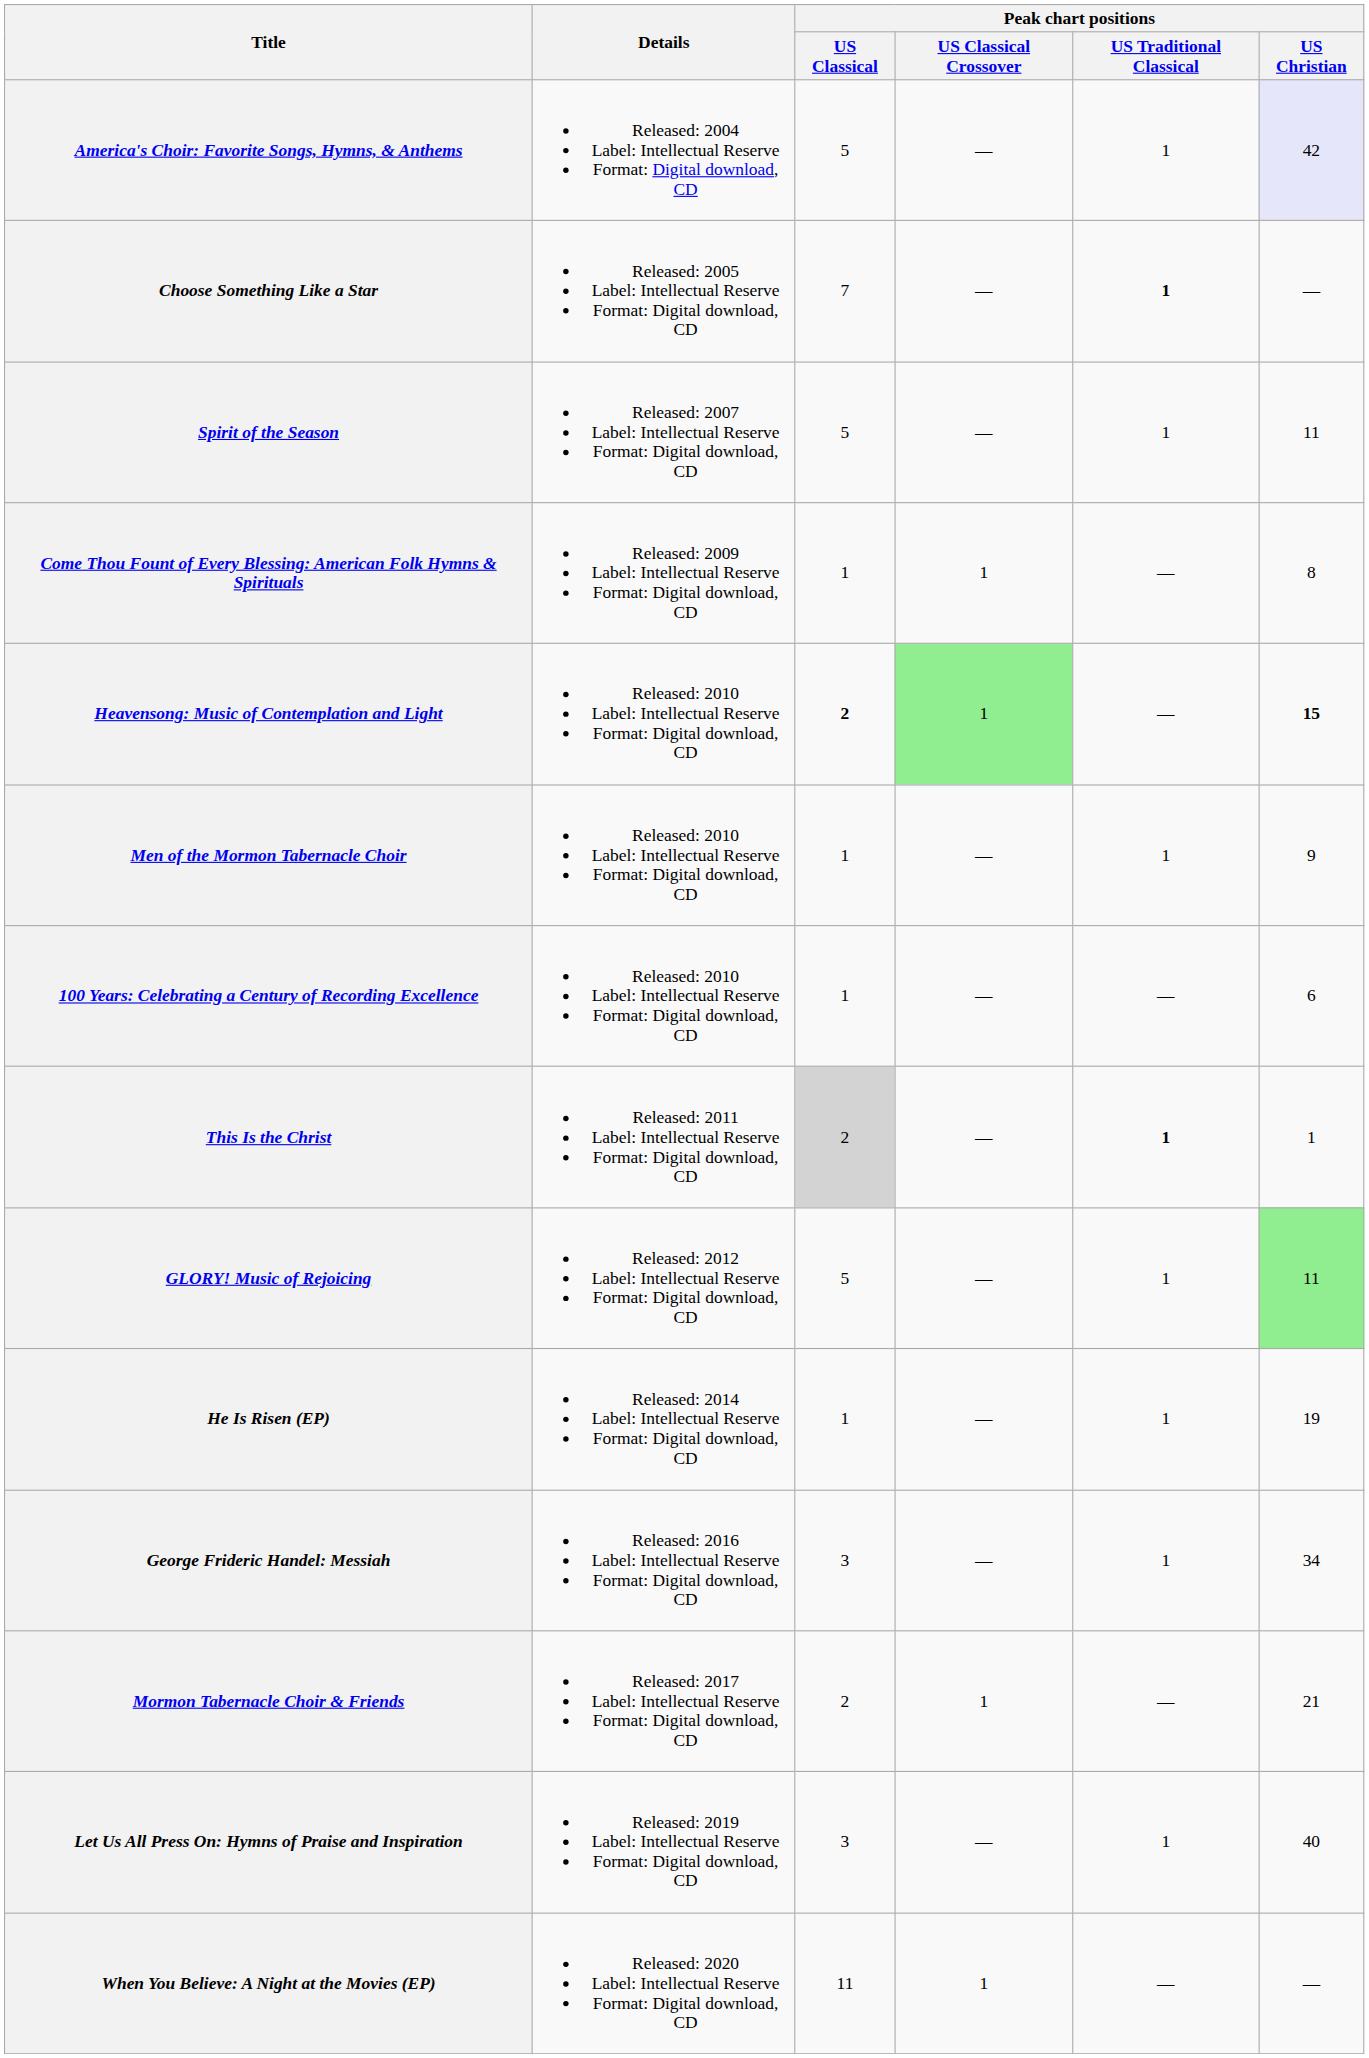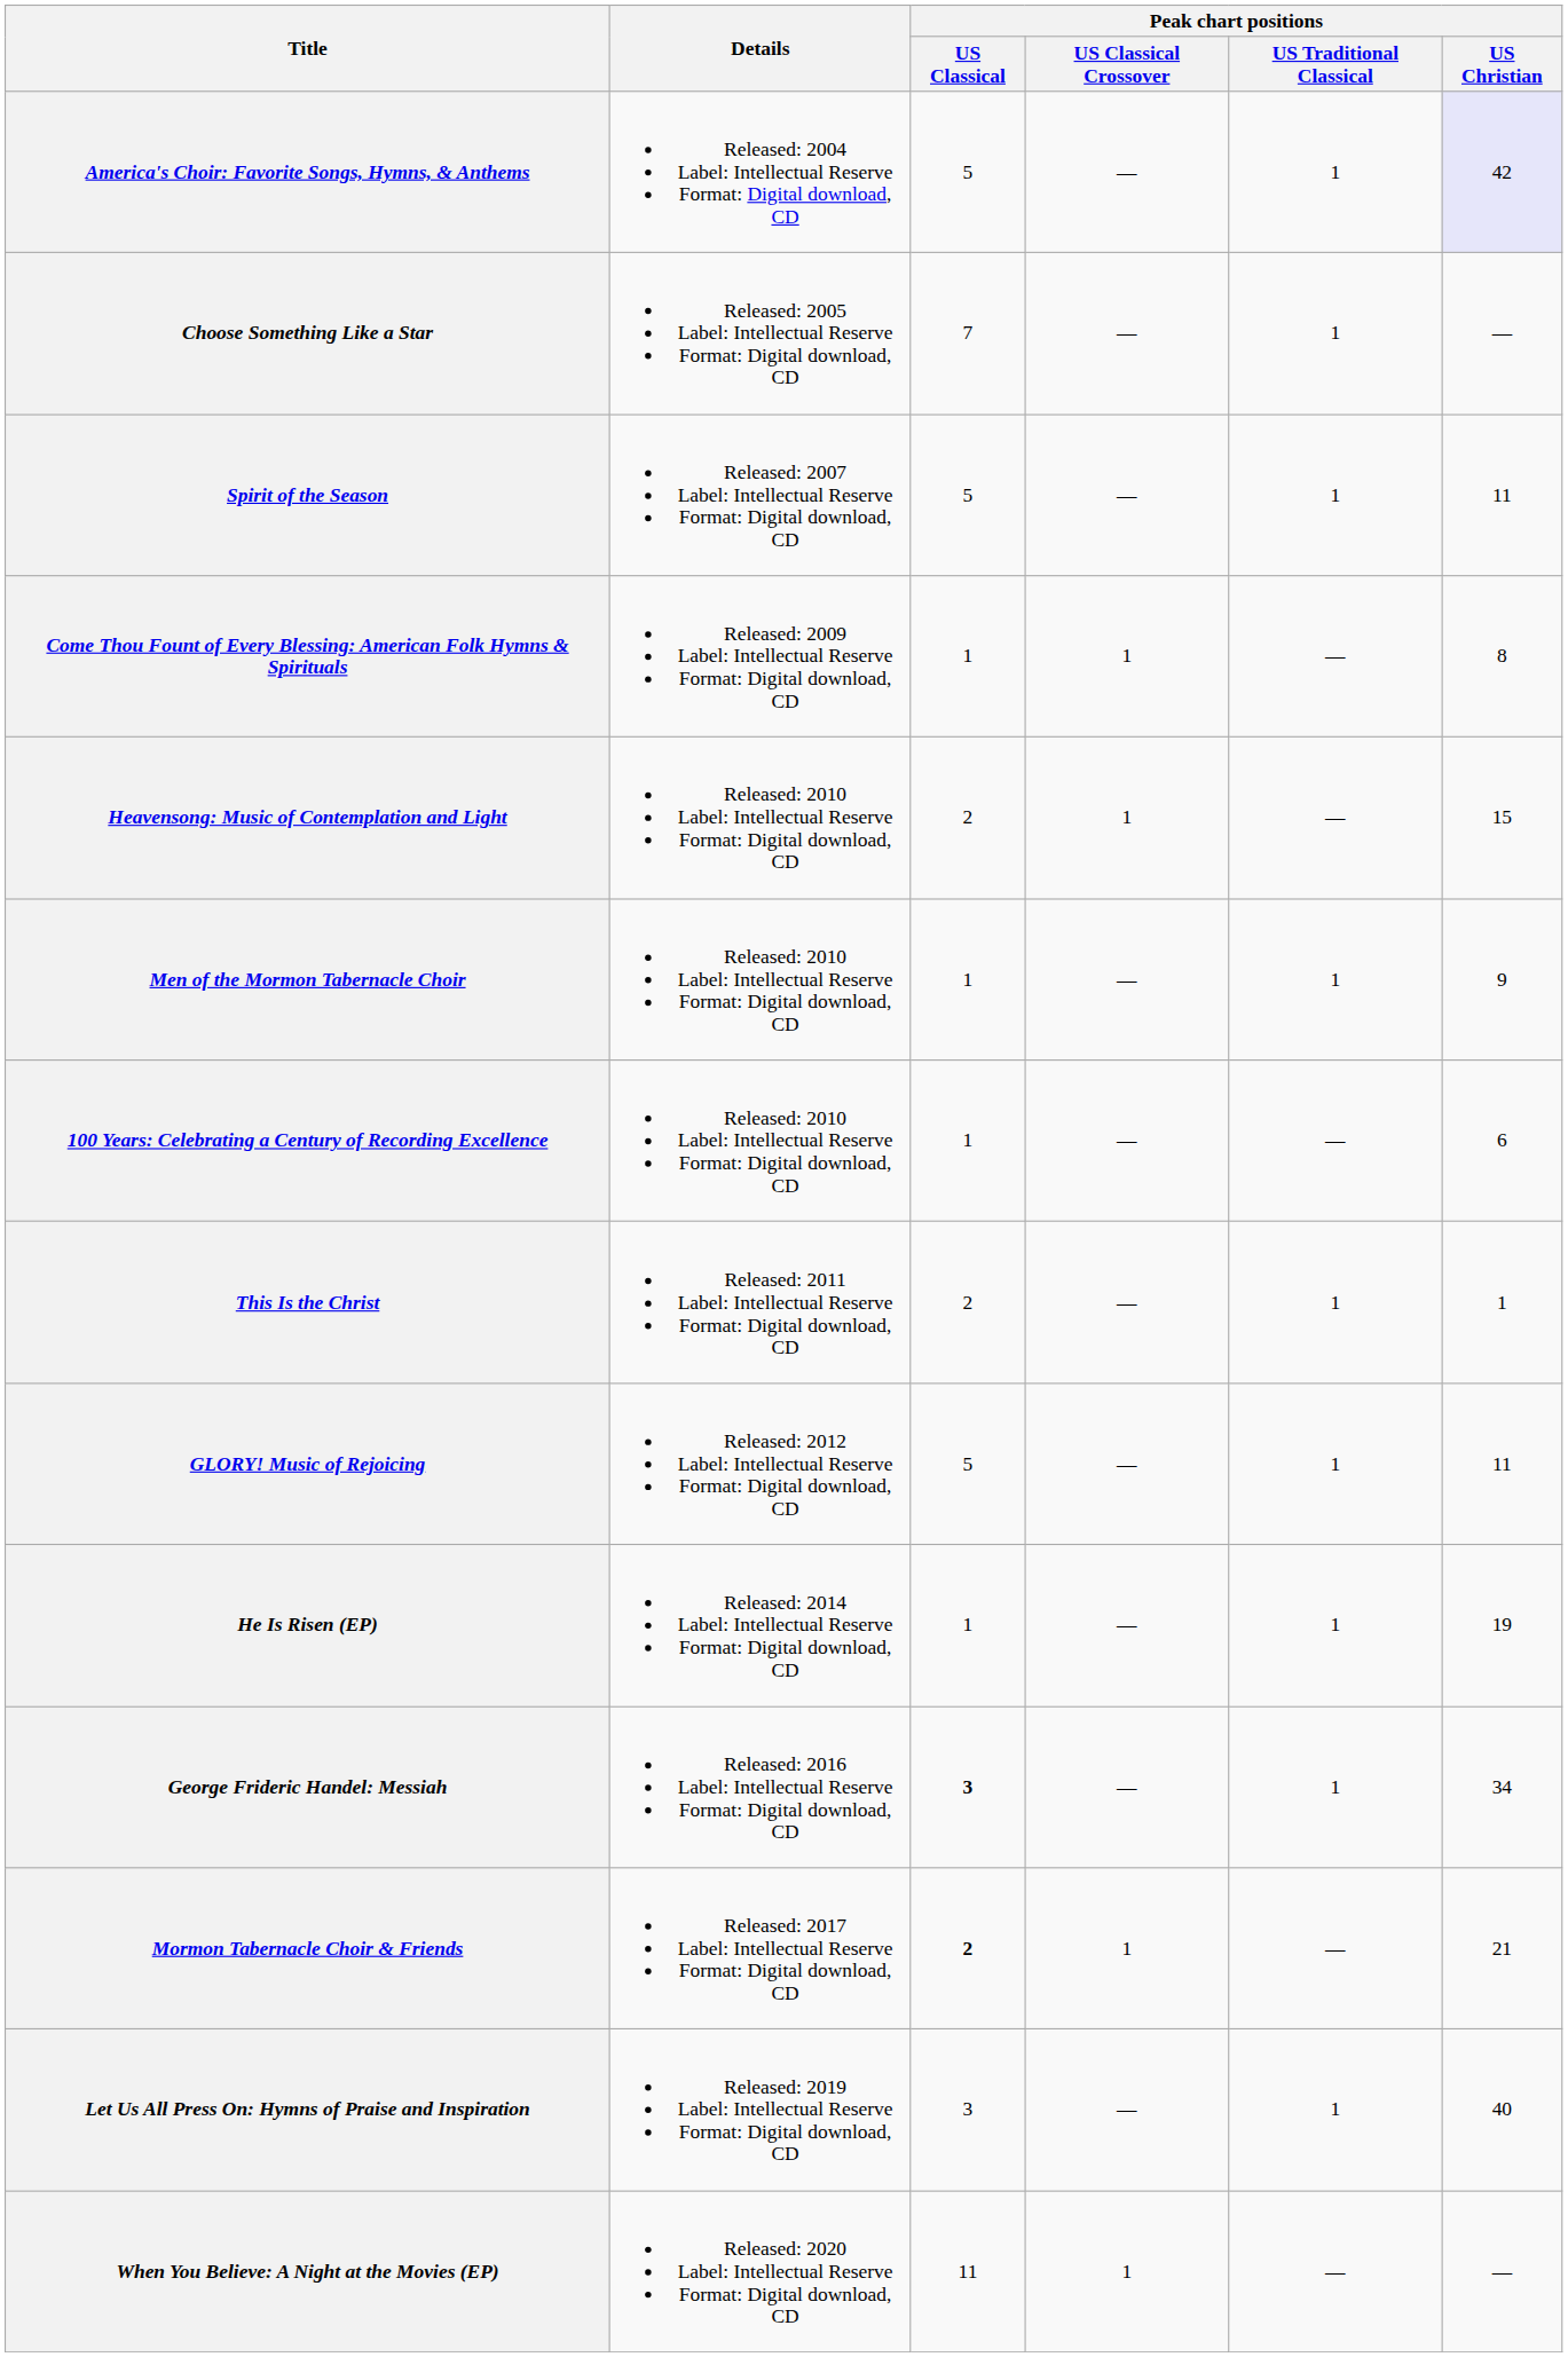 <table class="wikitable plainrowheaders" style="text-align:center;">
 <tr>
 <th scope="col" rowspan="2">Title</th>
 <th scope="col" rowspan="2">Details</th>
 <th scope="col" colspan="4">Peak chart positions</th>
 </tr>
 <tr>
 <th scope="col"><a href='#'>US Classical</a></th>
 <th scope="col"><a href='#'>US Classical Crossover</a></th>
 <th scope="col"><a href='#'>US Traditional Classical</a></th>
 <th scope="col"><a href='#'>US Christian</a></th>
 </tr>
 <tr>
 <th scope="row"><em><a href='#'>America's Choir: Favorite Songs, Hymns, & Anthems</a></em></th>
 <td><br><ul><li>Released: 2004</li><li>Label: Intellectual Reserve</li><li>Format: <a href='#'>Digital download</a>, <a href='#'>CD</a></li></ul></td>
 <td>5</td>
 <td>—</td>
 <td>1</td>
 <td style="background: lavender;">42</td>
 </tr>
 <tr>
 <th scope="row"><em>Choose Something Like a Star</em></th>
 <td><br><ul><li>Released: 2005</li><li>Label: Intellectual Reserve</li><li>Format: Digital download, CD</li></ul></td>
 <td>7</td>
 <td>—</td>
-<td><strong>1</strong></td>
+<td>1</td>
 <td>—</td>
 </tr>
 <tr>
 <th scope="row"><em><a href='#'>Spirit of the Season</a></em></th>
 <td><br><ul><li>Released: 2007</li><li>Label: Intellectual Reserve</li><li>Format: Digital download, CD</li></ul></td>
 <td>5</td>
 <td>—</td>
 <td>1</td>
 <td>11</td>
 </tr>
 <tr>
 <th scope="row"><em><a href='#'>Come Thou Fount of Every Blessing: American Folk Hymns & Spirituals</a></em></th>
 <td><br><ul><li>Released: 2009</li><li>Label: Intellectual Reserve</li><li>Format: Digital download, CD</li></ul></td>
 <td>1</td>
 <td>1</td>
 <td>—</td>
 <td>8</td>
 </tr>
 <tr>
 <th scope="row"><em><a href='#'>Heavensong: Music of Contemplation and Light</a></em></th>
 <td><br><ul><li>Released: 2010</li><li>Label: Intellectual Reserve</li><li>Format: Digital download, CD</li></ul></td>
-<td><strong>2</strong></td>
-<td style="background: lightgreen;">1</td>
+<td>2</td>
+<td>1</td>
 <td>—</td>
-<td><strong>15</strong></td>
+<td>15</td>
 </tr>
 <tr>
 <th scope="row"><em><a href='#'>Men of the Mormon Tabernacle Choir</a></em></th>
 <td><br><ul><li>Released: 2010</li><li>Label: Intellectual Reserve</li><li>Format: Digital download, CD</li></ul></td>
 <td>1</td>
 <td>—</td>
 <td>1</td>
 <td>9</td>
 </tr>
 <tr>
 <th scope="row"><em><a href='#'>100 Years: Celebrating a Century of Recording Excellence</a></em></th>
 <td><br><ul><li>Released: 2010</li><li>Label: Intellectual Reserve</li><li>Format: Digital download, CD</li></ul></td>
 <td>1</td>
 <td>—</td>
 <td>—</td>
 <td>6</td>
 </tr>
 <tr>
 <th scope="row"><em><a href='#'>This Is the Christ</a></em></th>
 <td><br><ul><li>Released: 2011</li><li>Label: Intellectual Reserve</li><li>Format: Digital download, CD</li></ul></td>
-<td style="background: lightgrey;">2</td>
+<td>2</td>
 <td>—</td>
-<td><strong>1</strong></td>
+<td>1</td>
 <td>1</td>
 </tr>
 <tr>
 <th scope="row"><em><a href='#'>GLORY! Music of Rejoicing</a></em></th>
 <td><br><ul><li>Released: 2012</li><li>Label: Intellectual Reserve</li><li>Format: Digital download, CD</li></ul></td>
 <td>5</td>
 <td>—</td>
 <td>1</td>
-<td style="background: lightgreen;">11</td>
+<td>11</td>
 </tr>
 <tr>
 <th scope="row"><em>He Is Risen (EP)</em></th>
 <td><br><ul><li>Released: 2014</li><li>Label: Intellectual Reserve</li><li>Format: Digital download, CD</li></ul></td>
 <td>1</td>
 <td>—</td>
 <td>1</td>
 <td>19</td>
 </tr>
 <tr>
 <th scope="row"><em>George Frideric Handel: Messiah</em></th>
 <td><br><ul><li>Released: 2016</li><li>Label: Intellectual Reserve</li><li>Format: Digital download, CD</li></ul></td>
-<td>3</td>
+<td><strong>3</strong></td>
 <td>—</td>
 <td>1</td>
 <td>34</td>
 </tr>
 <tr>
 <th scope="row"><em><a href='#'>Mormon Tabernacle Choir & Friends</a></em></th>
 <td><br><ul><li>Released: 2017</li><li>Label: Intellectual Reserve</li><li>Format: Digital download, CD</li></ul></td>
-<td>2</td>
+<td><strong>2</strong></td>
 <td>1</td>
 <td>—</td>
 <td>21</td>
 </tr>
 <tr>
 <th scope="row"><em>Let Us All Press On: Hymns of Praise and Inspiration</em></th>
 <td><br><ul><li>Released: 2019</li><li>Label: Intellectual Reserve</li><li>Format: Digital download, CD</li></ul></td>
 <td>3</td>
 <td>—</td>
 <td>1</td>
 <td>40</td>
 </tr>
 <tr>
 <th scope="row"><em>When You Believe: A Night at the Movies (EP)</em></th>
 <td><br><ul><li>Released: 2020</li><li>Label: Intellectual Reserve</li><li>Format: Digital download, CD</li></ul></td>
 <td>11</td>
 <td>1</td>
 <td>—</td>
 <td>—</td>
 </tr>
 </table>
